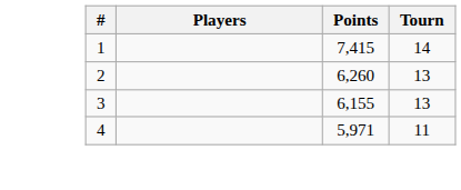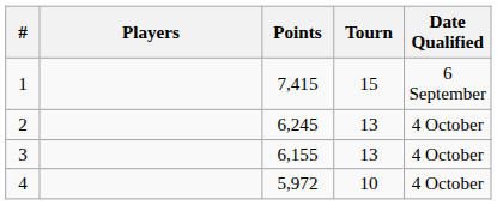 <table class="sortable wikitable" style="float:right;margin-left:1em;text-align:center;font-size:90%;text:justify;">
 <tr>
 <th width=20>#</th>
 <th width=170>Players</th>
 <th width=50>Points</th>
 <th width=50>Tourn</th>
+<th width=60>Date Qualified</th>
 </tr>
 <tr align=center>
 <td>1</td>
 <td align=left> <br> </td>
 <td>7,415</td>
-<td>14</td>
+<td>15</td>
+<td>6 September</td>
 </tr>
 <tr>
 <td>2</td>
 <td align=left> <br> </td>
-<td>6,260</td>
+<td>6,245</td>
 <td>13</td>
+<td>4 October</td>
 </tr>
 <tr>
 <td>3</td>
 <td align=left> <br> </td>
 <td>6,155</td>
 <td>13</td>
+<td>4 October</td>
 </tr>
 <tr>
 <td>4</td>
 <td align=left> <br> </td>
-<td>5,971</td>
-<td>11</td>
+<td>5,972</td>
+<td>10</td>
+<td>4 October</td>
 </tr>
 </table>
